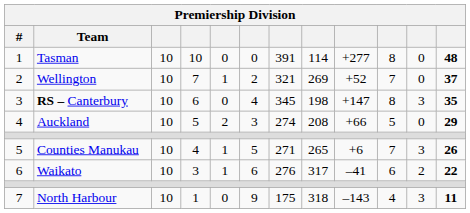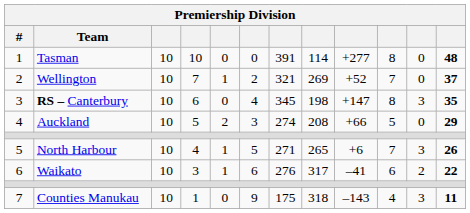 <table class="wikitable" width="550px" style="text-align:center">
 <tr>
 <th colspan="12">Premiership Division</th>
 </tr>
 <tr>
 <th style="width:5%">#</th>
 <th style="width:20%">Team</th>
 <th style="width:5%"></th>
 <th style="width:5%"></th>
 <th style="width:5%"></th>
 <th style="width:5%"></th>
 <th style="width:5%"></th>
 <th style="width:5%"></th>
 <th style="width:7%"></th>
 <th style="width:5%"></th>
 <th style="width:5%"></th>
 <th style="width:5%"></th>
 </tr>
 <tr>
 <td>1</td>
 <td style="text-align:left"><a href='#'>Tasman</a></td>
 <td>10</td>
 <td>10</td>
 <td>0</td>
 <td>0</td>
 <td>391</td>
 <td>114</td>
 <td>+277</td>
 <td>8</td>
 <td>0</td>
 <td><strong>48</strong></td>
 </tr>
 <tr>
 <td>2</td>
 <td style="text-align:left"><a href='#'>Wellington</a></td>
 <td>10</td>
 <td>7</td>
 <td>1</td>
 <td>2</td>
 <td>321</td>
 <td>269</td>
 <td>+52</td>
 <td>7</td>
 <td>0</td>
 <td><strong>37</strong></td>
 </tr>
 <tr>
 <td>3</td>
 <td style="text-align:left"><strong>RS –</strong> <a href='#'>Canterbury</a></td>
 <td>10</td>
 <td>6</td>
 <td>0</td>
 <td>4</td>
 <td>345</td>
 <td>198</td>
 <td>+147</td>
 <td>8</td>
 <td>3</td>
 <td><strong>35</strong></td>
 </tr>
 <tr>
 <td>4</td>
 <td style="text-align:left"><a href='#'>Auckland</a></td>
 <td>10</td>
 <td>5</td>
 <td>2</td>
 <td>3</td>
 <td>274</td>
 <td>208</td>
 <td>+66</td>
 <td>5</td>
 <td>0</td>
 <td><strong>29</strong></td>
 </tr>
 <tr>
 <td colspan=12 style="background-color:#DDDDDD"></td>
 </tr>
 <tr>
 <td>5</td>
-<td style="text-align:left"><a href='#'>Counties Manukau</a></td>
+<td style="text-align:left"><a href='#'>North Harbour</a></td>
 <td>10</td>
 <td>4</td>
 <td>1</td>
 <td>5</td>
 <td>271</td>
 <td>265</td>
 <td>+6</td>
 <td>7</td>
 <td>3</td>
 <td><strong>26</strong></td>
 </tr>
 <tr>
 <td>6</td>
 <td style="text-align:left"><a href='#'>Waikato</a></td>
 <td>10</td>
 <td>3</td>
 <td>1</td>
 <td>6</td>
 <td>276</td>
 <td>317</td>
 <td>–41</td>
 <td>6</td>
 <td>2</td>
 <td><strong>22</strong></td>
 </tr>
 <tr>
 <td colspan=12 style="background-color:#DDDDDD"></td>
 </tr>
 <tr>
 <td>7</td>
-<td style="text-align:left"><a href='#'>North Harbour</a></td>
+<td style="text-align:left"><a href='#'>Counties Manukau</a></td>
 <td>10</td>
 <td>1</td>
 <td>0</td>
 <td>9</td>
 <td>175</td>
 <td>318</td>
 <td>–143</td>
 <td>4</td>
 <td>3</td>
 <td><strong>11</strong></td>
 </tr>
 </table>
